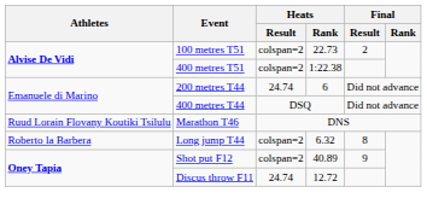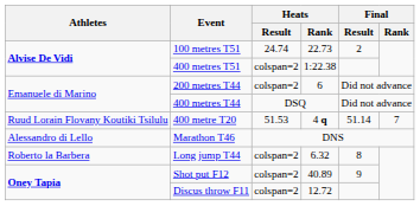 <table class=wikitable style="font-size:90%">
 <tr>
 <th rowspan="2">Athletes</th>
 <th rowspan="2">Event</th>
 <th colspan="2">Heats</th>
 <th colspan="2">Final</th>
 </tr>
 <tr>
 <th>Result</th>
 <th>Rank</th>
 <th>Result</th>
 <th>Rank</th>
 </tr>
 <tr align=center>
 <td align=left rowspan=2><strong><a href='#'>Alvise De Vidi</a></strong></td>
 <td align=left><a href='#'>100 metres T51</a></td>
-<td>colspan=2 </td>
+<td>24.74</td>
 <td>22.73</td>
 <td>2</td>
 </tr>
 <tr align=center>
 <td align=left><a href='#'>400 metres T51</a></td>
 <td>colspan=2 </td>
 <td>1:22.38</td>
 <td></td>
 </tr>
 <tr align=center>
 <td align=left rowspan=2><a href='#'>Emanuele di Marino</a></td>
 <td align=left><a href='#'>200 metres T44</a></td>
-<td>24.74</td>
+<td>colspan=2 </td>
 <td>6</td>
 <td colspan=2>Did not advance</td>
 </tr>
 <tr align=center>
 <td align=left><a href='#'>400 metres T44</a></td>
 <td colspan=2>DSQ</td>
 <td colspan=2>Did not advance</td>
 </tr>
 <tr align=center>
 <td align=left><a href='#'>Ruud Lorain Flovany Koutiki Tsilulu</a></td>
+<td align=left><a href='#'>400 metre T20</a></td>
+<td>51.53</td>
+<td>4 <strong>q</strong></td>
+<td>51.14</td>
+<td>7</td>
+</tr>
+<tr align=center>
+<td align=left><a href='#'>Alessandro di Lello</a></td>
 <td align=left><a href='#'>Marathon T46</a></td>
 <td colspan=4>DNS</td>
 </tr>
 <tr align=center>
 <td align=left><a href='#'>Roberto la Barbera</a></td>
 <td align=left><a href='#'>Long jump T44</a></td>
 <td>colspan=2 </td>
 <td>6.32</td>
 <td>8</td>
 </tr>
 <tr align=center>
 <td align=left rowspan=2><strong><a href='#'>Oney Tapia</a></strong></td>
 <td align=left><a href='#'>Shot put F12</a></td>
 <td>colspan=2 </td>
 <td>40.89</td>
 <td>9</td>
 </tr>
 <tr align=center>
 <td align=left><a href='#'>Discus throw F11</a></td>
-<td>24.74</td>
+<td>colspan=2 </td>
 <td>12.72</td>
 <td></td>
 </tr>
 </table>
